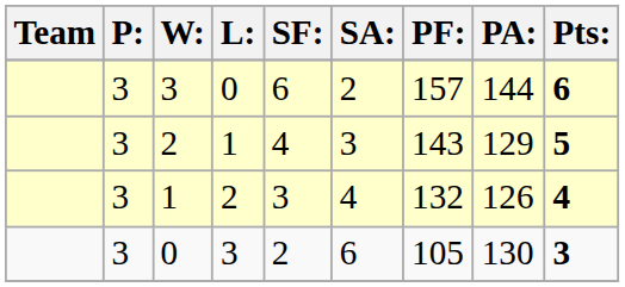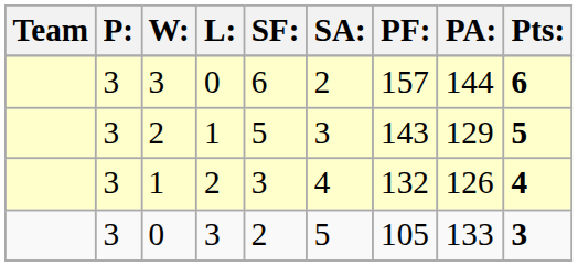 <table class="wikitable">
 <tr>
 <th>Team</th>
 <th>P:</th>
 <th>W:</th>
 <th>L:</th>
 <th>SF:</th>
 <th>SA:</th>
 <th>PF:</th>
 <th>PA:</th>
 <th>Pts:</th>
 </tr>
 <tr valign="top">
 </tr>
 <tr bgcolor="#ffffcc">
 <td></td>
 <td>3</td>
 <td>3</td>
 <td>0</td>
 <td>6</td>
 <td>2</td>
 <td>157</td>
 <td>144</td>
 <td><strong>6</strong></td>
 </tr>
 <tr bgcolor="#ffffcc">
 <td></td>
 <td>3</td>
 <td>2</td>
 <td>1</td>
-<td>4</td>
+<td>5</td>
 <td>3</td>
 <td>143</td>
 <td>129</td>
 <td><strong>5</strong></td>
 </tr>
 <tr bgcolor="#ffffcc">
 <td></td>
 <td>3</td>
 <td>1</td>
 <td>2</td>
 <td>3</td>
 <td>4</td>
 <td>132</td>
 <td>126</td>
 <td><strong>4</strong></td>
 </tr>
 <tr>
 <td></td>
 <td>3</td>
 <td>0</td>
 <td>3</td>
 <td>2</td>
-<td>6</td>
+<td>5</td>
 <td>105</td>
-<td>130</td>
+<td>133</td>
 <td><strong>3</strong></td>
 </tr>
 <tr>
 </tr>
 </table>
